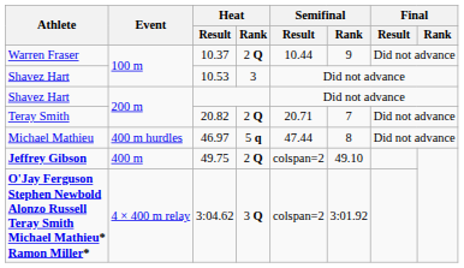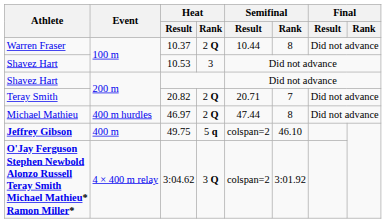 <table class="wikitable" style="font-size:90%">
 <tr>
 <th rowspan=2>Athlete</th>
 <th rowspan=2>Event</th>
 <th colspan=2>Heat</th>
 <th colspan=2>Semifinal</th>
 <th colspan=2>Final</th>
 </tr>
 <tr style="font-size:95%">
 <th>Result</th>
 <th>Rank</th>
 <th>Result</th>
 <th>Rank</th>
 <th>Result</th>
 <th>Rank</th>
 </tr>
 <tr align=center>
 <td align=left><a href='#'>Warren Fraser</a></td>
 <td align=left rowspan=2><a href='#'>100 m</a></td>
 <td>10.37</td>
 <td>2 <strong>Q</strong></td>
 <td>10.44</td>
-<td>9</td>
+<td>8</td>
 <td colspan=2>Did not advance</td>
 </tr>
 <tr align=center>
 <td align=left><a href='#'>Shavez Hart</a></td>
 <td>10.53</td>
 <td>3</td>
 <td colspan=4>Did not advance</td>
 </tr>
 <tr align=center>
 <td align=left><a href='#'>Shavez Hart</a></td>
 <td align=left rowspan=2><a href='#'>200 m</a></td>
 <td colspan=2></td>
 <td colspan=4>Did not advance</td>
 </tr>
 <tr align=center>
 <td align=left><a href='#'>Teray Smith</a></td>
 <td>20.82</td>
 <td>2 <strong>Q</strong></td>
 <td>20.71</td>
 <td>7</td>
 <td colspan=2>Did not advance</td>
 </tr>
 <tr align=center>
 <td align=left><a href='#'>Michael Mathieu</a></td>
 <td align=left><a href='#'>400 m hurdles</a></td>
 <td>46.97</td>
-<td>5 <strong>q</strong></td>
+<td>2 <strong>Q</strong></td>
 <td>47.44</td>
 <td>8</td>
 <td colspan=2>Did not advance</td>
 </tr>
 <tr align=center>
 <td align=left><strong><a href='#'>Jeffrey Gibson</a></strong></td>
 <td align=left><a href='#'>400 m</a></td>
 <td>49.75</td>
-<td>2 <strong>Q</strong></td>
+<td>5 <strong>q</strong></td>
 <td>colspan=2 </td>
-<td>49.10</td>
+<td>46.10</td>
 <td></td>
 </tr>
 <tr align=center>
 <td align=left><strong><a href='#'>O'Jay Ferguson</a><br><a href='#'>Stephen Newbold</a><br><a href='#'>Alonzo Russell</a><br><a href='#'>Teray Smith</a><br><a href='#'>Michael Mathieu</a>*<br><a href='#'>Ramon Miller</a>*</strong></td>
 <td align=left><a href='#'>4 × 400 m relay</a></td>
 <td>3:04.62</td>
 <td>3 <strong>Q</strong></td>
 <td>colspan=2 </td>
 <td>3:01.92</td>
 <td></td>
 </tr>
 </table>
